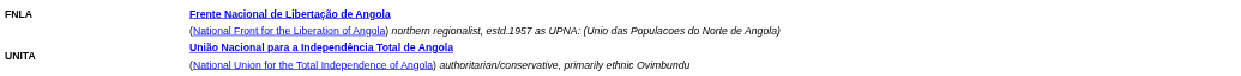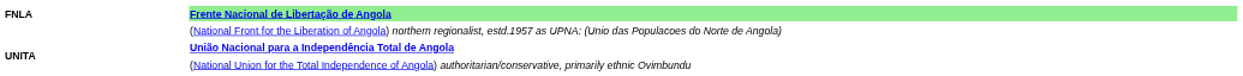 <table style="margin:0 auto;" class="toccolours" cellpadding=1>
 <tr>
 <th width="7%"></th>
 <th width="40%"></th>
 </tr>
 <tr valign=top>
 <td rowspan="2"><small><strong>FNLA</strong></small></td>
-<td><small><strong><a href='#'>Frente Nacional de Libertação de Angola</a></strong></small></td>
+<td style="background: lightgreen;"><small><strong><a href='#'>Frente Nacional de Libertação de Angola</a></strong></small></td>
 </tr>
 <tr>
 <td><small>(<a href='#'>National Front for the Liberation of Angola</a>) <em>northern regionalist, estd.1957 as UPNA: (Unio das Populacoes do Norte de Angola)</em></small></td>
 </tr>
 <tr>
 <td rowspan="2"><small><strong>UNITA</strong></small></td>
 <td><small><strong><a href='#'>União Nacional para a Independência Total de Angola</a></strong></small></td>
 </tr>
 <tr>
 <td><small>(<a href='#'>National Union for the Total Independence of Angola</a>) <em>authoritarian/conservative, primarily ethnic Ovimbundu</em></small></td>
 </tr>
 <tr>
 </tr>
 </table>
